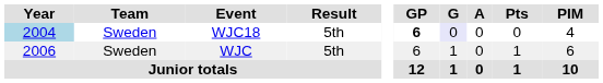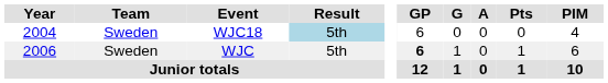 <table border="0" cellpadding="1" cellspacing="0" style="text-align:center; width:40em">
 <tr ALIGN="center" bgcolor="#e0e0e0">
 <th>Year</th>
 <th>Team</th>
 <th>Event</th>
 <th>Result</th>
 <th rowspan="99" bgcolor="#ffffff"> </th>
 <th>GP</th>
 <th>G</th>
 <th>A</th>
 <th>Pts</th>
 <th>PIM</th>
 </tr>
 <tr>
-<td style="background: lightblue;"><a href='#'>2004</a></td>
+<td><a href='#'>2004</a></td>
 <td><a href='#'>Sweden</a></td>
 <td><a href='#'>WJC18</a></td>
-<td>5th</td>
-<td><strong>6</strong></td>
-<td style="background: lavender;">0</td>
+<td style="background: lightblue;">5th</td>
+<td>6</td>
+<td>0</td>
 <td>0</td>
 <td>0</td>
 <td>4</td>
 </tr>
 <tr bgcolor="#f0f0f0">
 <td><a href='#'>2006</a></td>
 <td>Sweden</td>
 <td><a href='#'>WJC</a></td>
 <td>5th</td>
-<td>6</td>
+<td><strong>6</strong></td>
 <td>1</td>
 <td>0</td>
 <td>1</td>
 <td>6</td>
 </tr>
 <tr bgcolor="#e0e0e0">
 <th colspan="4">Junior totals</th>
 <th>12</th>
 <th>1</th>
 <th>0</th>
 <th>1</th>
 <th>10</th>
 </tr>
 </table>
